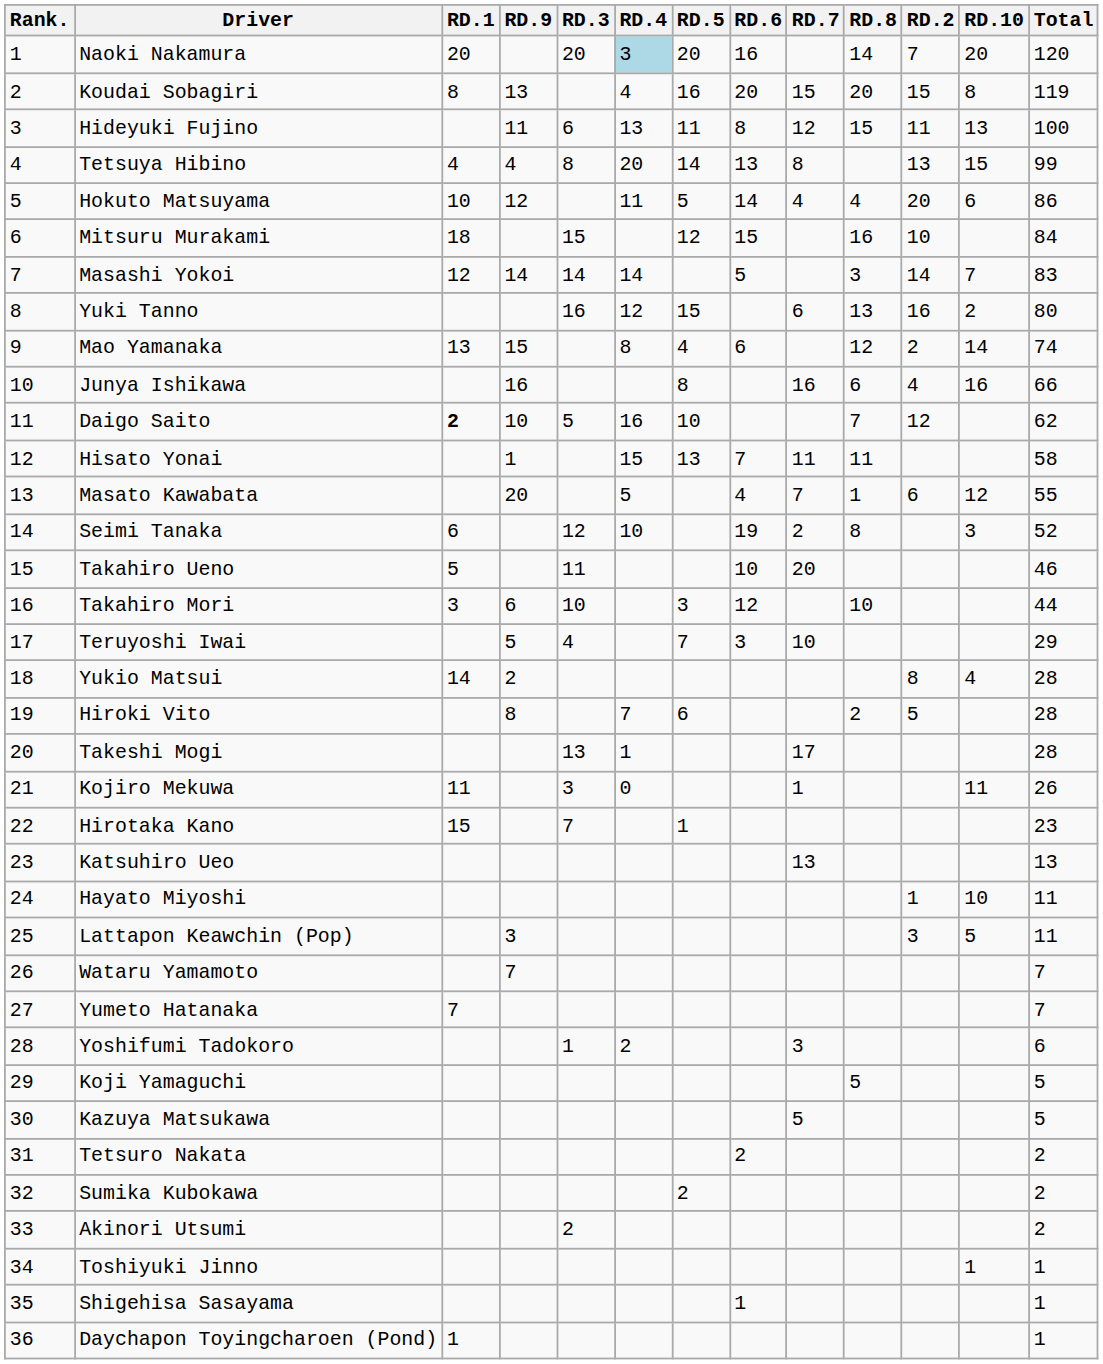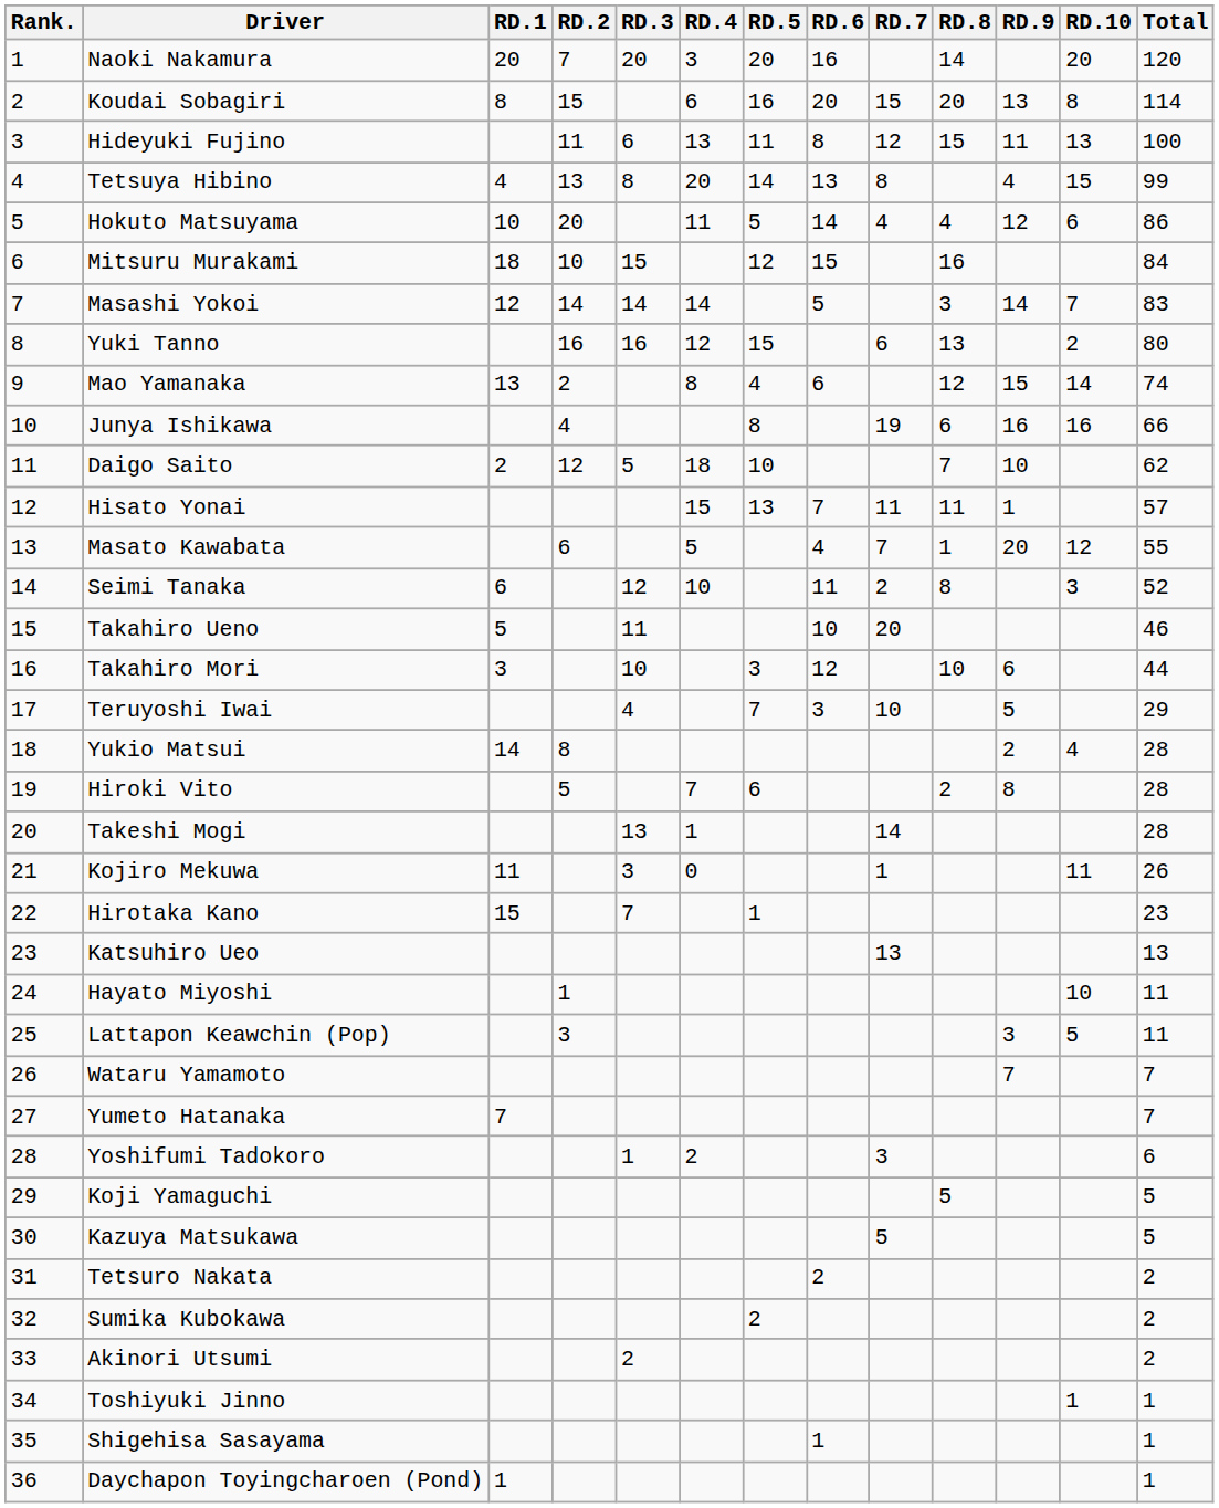 <table class="wikitable" style="font-size:85%">
 <tr>
 <th>Rank.</th>
 <th>Driver</th>
 <th>RD.1</th>
-<th>RD.9</th>
+<th>RD.2</th>
 <th>RD.3</th>
 <th>RD.4</th>
 <th>RD.5</th>
 <th>RD.6</th>
 <th>RD.7</th>
 <th>RD.8</th>
-<th>RD.2</th>
+<th>RD.9</th>
 <th>RD.10</th>
 <th>Total</th>
 </tr>
 <tr>
 <td>1</td>
 <td>Naoki Nakamura</td>
 <td>20</td>
-<td>　</td>
+<td>7</td>
 <td>20</td>
-<td style="background: lightblue;">3</td>
+<td>3</td>
 <td>20</td>
 <td>16</td>
 <td>　</td>
 <td>14</td>
-<td>7</td>
+<td>　</td>
 <td>20</td>
 <td>120</td>
 </tr>
 <tr>
 <td>2</td>
 <td>Koudai Sobagiri</td>
 <td>8</td>
-<td>13</td>
+<td>15</td>
 <td>　</td>
-<td>4</td>
+<td>6</td>
 <td>16</td>
 <td>20</td>
 <td>15</td>
 <td>20</td>
-<td>15</td>
+<td>13</td>
 <td>8</td>
-<td>119</td>
+<td>114</td>
 </tr>
 <tr>
 <td>3</td>
 <td>Hideyuki Fujino</td>
 <td>　</td>
 <td>11</td>
 <td>6</td>
 <td>13</td>
 <td>11</td>
 <td>8</td>
 <td>12</td>
 <td>15</td>
 <td>11</td>
 <td>13</td>
 <td>100</td>
 </tr>
 <tr>
 <td>4</td>
 <td>Tetsuya Hibino</td>
 <td>4</td>
-<td>4</td>
+<td>13</td>
 <td>8</td>
 <td>20</td>
 <td>14</td>
 <td>13</td>
 <td>8</td>
 <td>　</td>
-<td>13</td>
+<td>4</td>
 <td>15</td>
 <td>99</td>
 </tr>
 <tr>
 <td>5</td>
 <td>Hokuto Matsuyama</td>
 <td>10</td>
-<td>12</td>
+<td>20</td>
 <td>　</td>
 <td>11</td>
 <td>5</td>
 <td>14</td>
 <td>4</td>
 <td>4</td>
-<td>20</td>
+<td>12</td>
 <td>6</td>
 <td>86</td>
 </tr>
 <tr>
 <td>6</td>
 <td>Mitsuru Murakami</td>
 <td>18</td>
-<td>　</td>
+<td>10</td>
 <td>15</td>
 <td>　</td>
 <td>12</td>
 <td>15</td>
 <td>　</td>
 <td>16</td>
-<td>10</td>
+<td>　</td>
 <td>　</td>
 <td>84</td>
 </tr>
 <tr>
 <td>7</td>
 <td>Masashi Yokoi</td>
 <td>12</td>
 <td>14</td>
 <td>14</td>
 <td>14</td>
 <td>　</td>
 <td>5</td>
 <td>　</td>
 <td>3</td>
 <td>14</td>
 <td>7</td>
 <td>83</td>
 </tr>
 <tr>
 <td>8</td>
 <td>Yuki Tanno</td>
 <td>　</td>
-<td>　</td>
+<td>16</td>
 <td>16</td>
 <td>12</td>
 <td>15</td>
 <td>　</td>
 <td>6</td>
 <td>13</td>
-<td>16</td>
+<td>　</td>
 <td>2</td>
 <td>80</td>
 </tr>
 <tr>
 <td>9</td>
 <td>Mao Yamanaka</td>
 <td>13</td>
-<td>15</td>
+<td>2</td>
 <td>　</td>
 <td>8</td>
 <td>4</td>
 <td>6</td>
 <td>　</td>
 <td>12</td>
-<td>2</td>
+<td>15</td>
 <td>14</td>
 <td>74</td>
 </tr>
 <tr>
 <td>10</td>
 <td>Junya Ishikawa</td>
 <td>　</td>
-<td>16</td>
+<td>4</td>
 <td>　</td>
 <td>　</td>
 <td>8</td>
 <td>　</td>
+<td>19</td>
+<td>6</td>
 <td>16</td>
-<td>6</td>
-<td>4</td>
 <td>16</td>
 <td>66</td>
 </tr>
 <tr>
 <td>11</td>
 <td>Daigo Saito</td>
-<td><strong>2</strong></td>
-<td>10</td>
+<td>2</td>
+<td>12</td>
 <td>5</td>
-<td>16</td>
+<td>18</td>
 <td>10</td>
 <td>　</td>
 <td>　</td>
 <td>7</td>
-<td>12</td>
+<td>10</td>
 <td>　</td>
 <td>62</td>
 </tr>
 <tr>
 <td>12</td>
 <td>Hisato Yonai</td>
 <td>　</td>
-<td>1</td>
+<td>　</td>
 <td>　</td>
 <td>15</td>
 <td>13</td>
 <td>7</td>
 <td>11</td>
 <td>11</td>
+<td>1</td>
 <td>　</td>
-<td>　</td>
-<td>58</td>
+<td>57</td>
 </tr>
 <tr>
 <td>13</td>
 <td>Masato Kawabata</td>
 <td>　</td>
-<td>20</td>
+<td>6</td>
 <td>　</td>
 <td>5</td>
 <td>　</td>
 <td>4</td>
 <td>7</td>
 <td>1</td>
-<td>6</td>
+<td>20</td>
 <td>12</td>
 <td>55</td>
 </tr>
 <tr>
 <td>14</td>
 <td>Seimi Tanaka</td>
 <td>6</td>
 <td>　</td>
 <td>12</td>
 <td>10</td>
 <td>　</td>
-<td>19</td>
+<td>11</td>
 <td>2</td>
 <td>8</td>
 <td>　</td>
 <td>3</td>
 <td>52</td>
 </tr>
 <tr>
 <td>15</td>
 <td>Takahiro Ueno</td>
 <td>5</td>
 <td>　</td>
 <td>11</td>
 <td>　</td>
 <td>　</td>
 <td>10</td>
 <td>20</td>
 <td>　</td>
 <td>　</td>
 <td>　</td>
 <td>46</td>
 </tr>
 <tr>
 <td>16</td>
 <td>Takahiro Mori</td>
 <td>3</td>
-<td>6</td>
+<td>　</td>
 <td>10</td>
 <td>　</td>
 <td>3</td>
 <td>12</td>
 <td>　</td>
 <td>10</td>
-<td>　</td>
+<td>6</td>
 <td>　</td>
 <td>44</td>
 </tr>
 <tr>
 <td>17</td>
 <td>Teruyoshi Iwai</td>
 <td>　</td>
-<td>5</td>
+<td>　</td>
 <td>4</td>
 <td>　</td>
 <td>7</td>
 <td>3</td>
 <td>10</td>
 <td>　</td>
-<td>　</td>
+<td>5</td>
 <td>　</td>
 <td>29</td>
 </tr>
 <tr>
 <td>18</td>
 <td>Yukio Matsui</td>
 <td>14</td>
-<td>2</td>
+<td>8</td>
 <td>　</td>
 <td>　</td>
 <td>　</td>
 <td>　</td>
 <td>　</td>
 <td>　</td>
-<td>8</td>
+<td>2</td>
 <td>4</td>
 <td>28</td>
 </tr>
 <tr>
 <td>19</td>
 <td>Hiroki Vito</td>
 <td>　</td>
-<td>8</td>
+<td>5</td>
 <td>　</td>
 <td>7</td>
 <td>6</td>
 <td>　</td>
 <td>　</td>
 <td>2</td>
-<td>5</td>
+<td>8</td>
 <td>　</td>
 <td>28</td>
 </tr>
 <tr>
 <td>20</td>
 <td>Takeshi Mogi</td>
 <td>　</td>
 <td>　</td>
 <td>13</td>
 <td>1</td>
 <td>　</td>
 <td>　</td>
-<td>17</td>
+<td>14</td>
 <td>　</td>
 <td>　</td>
 <td>　</td>
 <td>28</td>
 </tr>
 <tr>
 <td>21</td>
 <td>Kojiro Mekuwa</td>
 <td>11</td>
 <td>　</td>
 <td>3</td>
 <td>0</td>
 <td>　</td>
 <td>　</td>
 <td>1</td>
 <td>　</td>
 <td>　</td>
 <td>11</td>
 <td>26</td>
 </tr>
 <tr>
 <td>22</td>
 <td>Hirotaka Kano</td>
 <td>15</td>
 <td>　</td>
 <td>7</td>
 <td>　</td>
 <td>1</td>
 <td>　</td>
 <td>　</td>
 <td>　</td>
 <td>　</td>
 <td>　</td>
 <td>23</td>
 </tr>
 <tr>
 <td>23</td>
 <td>Katsuhiro Ueo</td>
 <td>　</td>
 <td>　</td>
 <td>　</td>
 <td>　</td>
 <td>　</td>
 <td>　</td>
 <td>13</td>
 <td>　</td>
 <td>　</td>
 <td>　</td>
 <td>13</td>
 </tr>
 <tr>
 <td>24</td>
 <td>Hayato Miyoshi</td>
 <td>　</td>
+<td>1</td>
 <td>　</td>
 <td>　</td>
 <td>　</td>
 <td>　</td>
 <td>　</td>
 <td>　</td>
 <td>　</td>
-<td>1</td>
 <td>10</td>
 <td>11</td>
 </tr>
 <tr>
 <td>25</td>
 <td>Lattapon Keawchin (Pop)</td>
 <td>　</td>
 <td>3</td>
 <td>　</td>
 <td>　</td>
 <td>　</td>
 <td>　</td>
 <td>　</td>
 <td>　</td>
 <td>3</td>
 <td>5</td>
 <td>11</td>
 </tr>
 <tr>
 <td>26</td>
 <td>Wataru Yamamoto</td>
 <td>　</td>
-<td>7</td>
 <td>　</td>
 <td>　</td>
 <td>　</td>
 <td>　</td>
 <td>　</td>
 <td>　</td>
 <td>　</td>
+<td>7</td>
 <td> </td>
 <td>7</td>
 </tr>
 <tr>
 <td>27</td>
 <td>Yumeto Hatanaka</td>
 <td>7</td>
 <td>　</td>
 <td>　</td>
 <td>　</td>
 <td>　</td>
 <td>　</td>
 <td>　</td>
 <td>　</td>
 <td>　</td>
 <td>　</td>
 <td>7</td>
 </tr>
 <tr>
 <td>28</td>
 <td>Yoshifumi Tadokoro</td>
 <td>　</td>
 <td>　</td>
 <td>1</td>
 <td>2</td>
 <td>　</td>
 <td>　</td>
 <td>3</td>
 <td>　</td>
 <td>　</td>
 <td>　</td>
 <td>6</td>
 </tr>
 <tr>
 <td>29</td>
 <td>Koji Yamaguchi</td>
 <td>　</td>
 <td>　</td>
 <td>　</td>
 <td>　</td>
 <td>　</td>
 <td>　</td>
 <td>　</td>
 <td>5</td>
 <td>　</td>
 <td>　</td>
 <td>5</td>
 </tr>
 <tr>
 <td>30</td>
 <td>Kazuya Matsukawa</td>
 <td>　</td>
 <td>　</td>
 <td>　</td>
 <td>　</td>
 <td>　</td>
 <td>　</td>
 <td>5</td>
 <td>　</td>
 <td>　</td>
 <td>　</td>
 <td>5</td>
 </tr>
 <tr>
 <td>31</td>
 <td>Tetsuro Nakata</td>
 <td>　</td>
 <td>　</td>
 <td>　</td>
 <td>　</td>
 <td>　</td>
 <td>2</td>
 <td>　</td>
 <td>　</td>
 <td>　</td>
 <td>　</td>
 <td>2</td>
 </tr>
 <tr>
 <td>32</td>
 <td>Sumika Kubokawa</td>
 <td>　</td>
 <td>　</td>
 <td>　</td>
 <td>　</td>
 <td>2</td>
 <td>　</td>
 <td>　</td>
 <td>　</td>
 <td>　</td>
 <td>　</td>
 <td>2</td>
 </tr>
 <tr>
 <td>33</td>
 <td>Akinori Utsumi</td>
 <td>　</td>
 <td>　</td>
 <td>2</td>
 <td>　</td>
 <td>　</td>
 <td>　</td>
 <td>　</td>
 <td>　</td>
 <td>　</td>
 <td>　</td>
 <td>2</td>
 </tr>
 <tr>
 <td>34</td>
 <td>Toshiyuki Jinno</td>
 <td>　</td>
 <td>　</td>
 <td>　</td>
 <td>　</td>
 <td>　</td>
 <td>　</td>
 <td>　</td>
 <td>　</td>
 <td>　</td>
 <td>1</td>
 <td>1</td>
 </tr>
 <tr>
 <td>35</td>
 <td>Shigehisa Sasayama</td>
 <td>　</td>
 <td>　</td>
 <td>　</td>
 <td>　</td>
 <td>　</td>
 <td>1</td>
 <td>　</td>
 <td>　</td>
 <td>　</td>
 <td>　</td>
 <td>1</td>
 </tr>
 <tr>
 <td>36</td>
 <td>Daychapon Toyingcharoen (Pond)</td>
 <td>1</td>
 <td>　</td>
 <td>　</td>
 <td>　</td>
 <td>　</td>
 <td>　</td>
 <td>　</td>
 <td>　</td>
 <td>　</td>
 <td>　</td>
 <td>1</td>
 </tr>
 </table>
